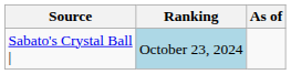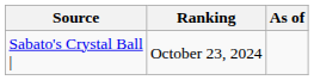 <table class="wikitable" style="text-align:center">
 <tr>
 <th>Source</th>
 <th>Ranking</th>
 <th>As of</th>
 </tr>
 <tr>
 <td align=left><a href='#'>Sabato's Crystal Ball</a><br>| </td>
-<td style="background: lightblue;">October 23, 2024</td>
+<td>October 23, 2024</td>
 </tr>
 </table>
